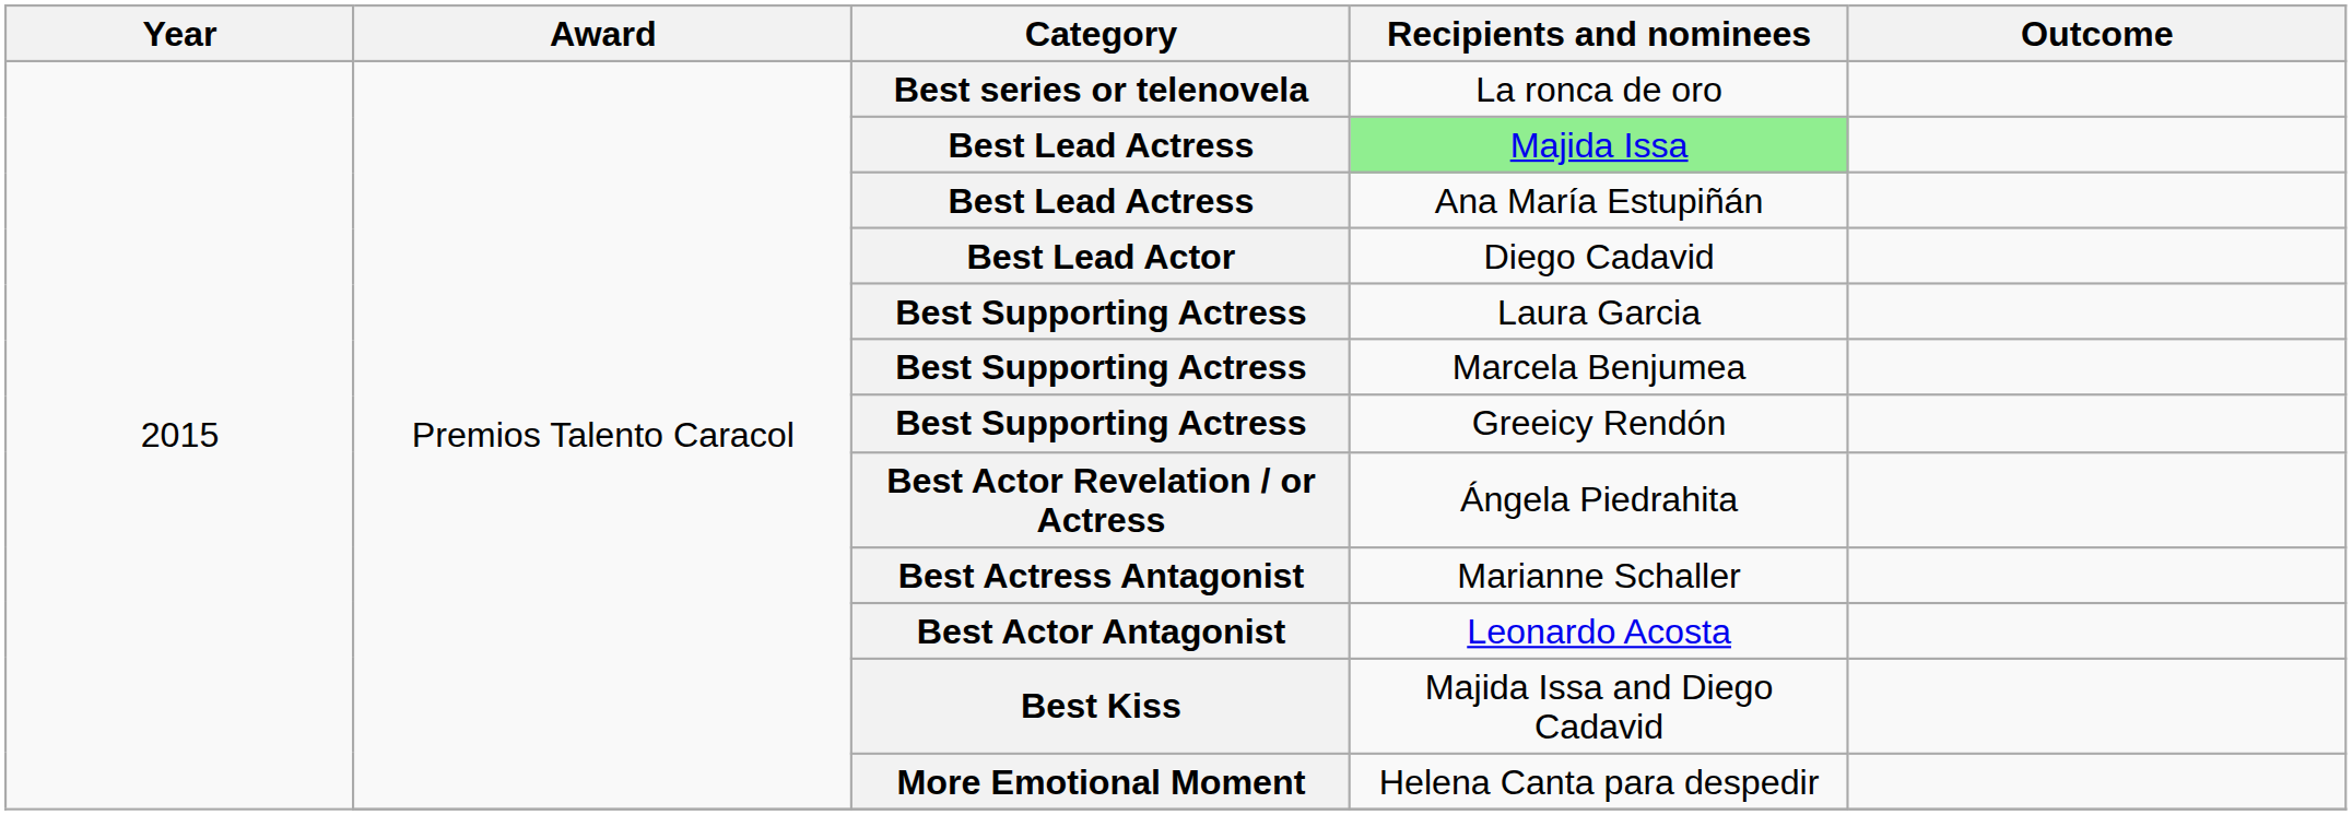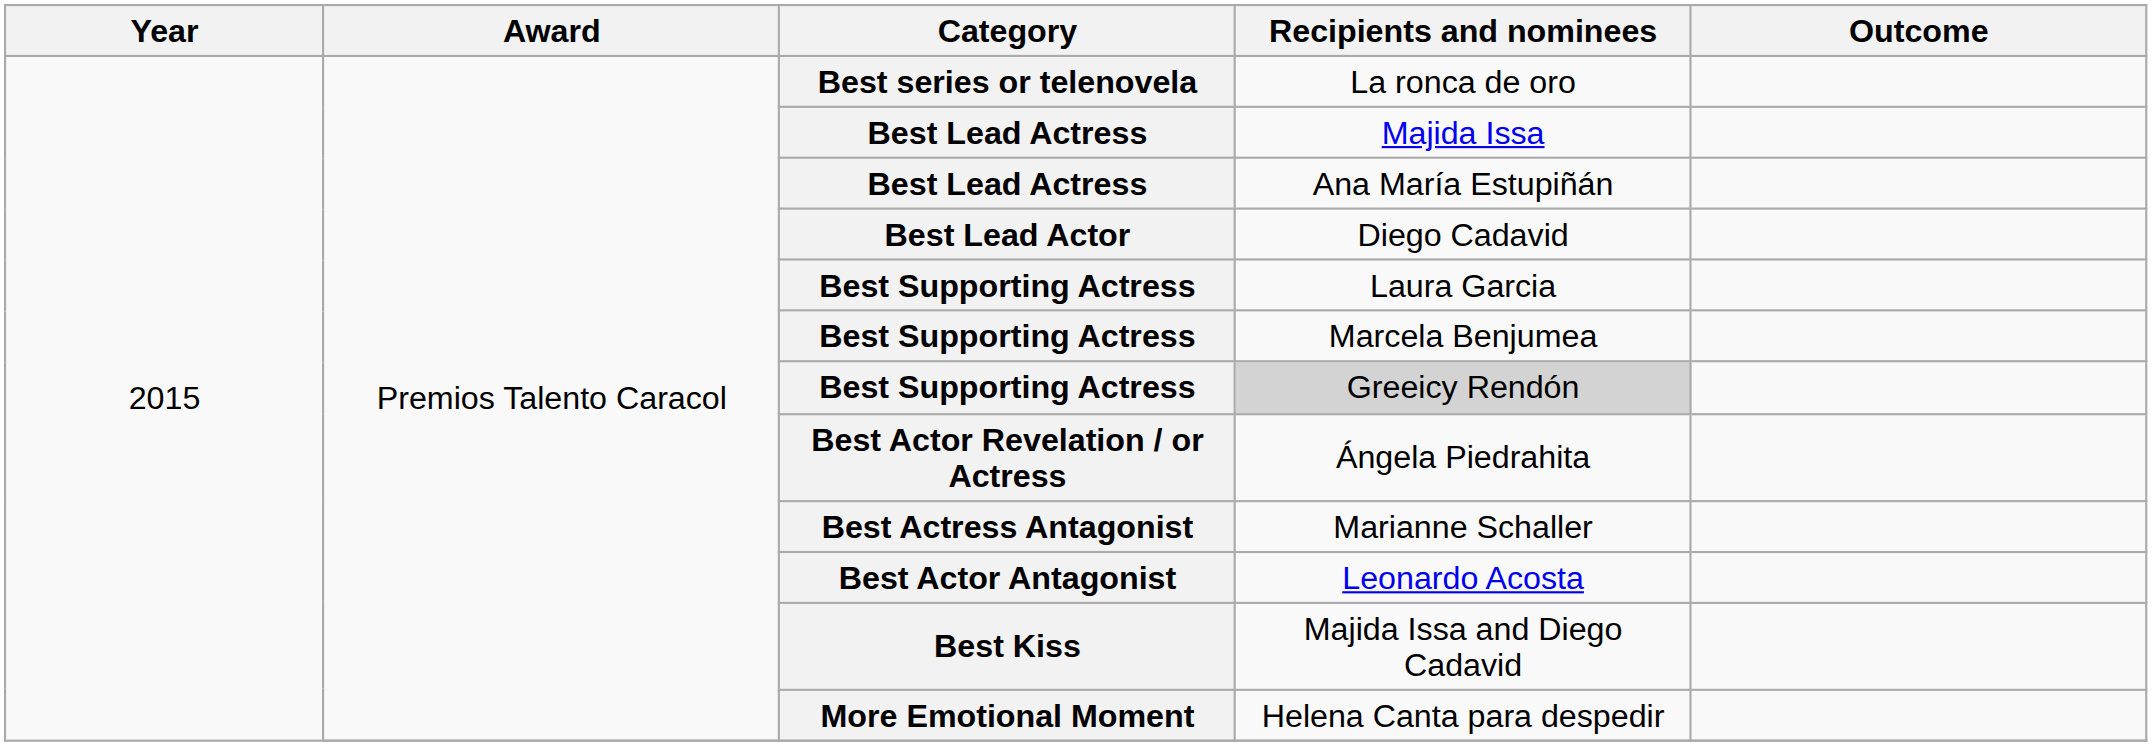 <table class="wikitable plainrowheaders" style=" text-align:center; font-size:95%;" width="80%">
 <tr>
 <th scope="col" width=14%>Year</th>
 <th scope="col" width=20%>Award</th>
 <th scope="col" width=20%>Category</th>
 <th scope="col" width=20%>Recipients and nominees</th>
 <th scope="col" width=20%>Outcome</th>
 </tr>
 <tr>
 <td rowspan="20">2015</td>
 <td rowspan="12">Premios Talento Caracol</td>
 <th scope="row" style="text-align:center">Best series or telenovela</th>
 <td>La ronca de oro</td>
 <td></td>
 </tr>
 <tr>
 <th scope="row" style="text-align:center">Best Lead Actress</th>
-<td style="background: lightgreen;"><a href='#'>Majida Issa</a></td>
+<td><a href='#'>Majida Issa</a></td>
 <td></td>
 </tr>
 <tr>
 <th scope="row" style="text-align:center">Best Lead Actress</th>
 <td>Ana María Estupiñán</td>
 <td></td>
 </tr>
 <tr>
 <th scope="row" style="text-align:center">Best Lead Actor</th>
 <td>Diego Cadavid</td>
 <td></td>
 </tr>
 <tr>
 <th scope="row" style="text-align:center">Best Supporting Actress</th>
 <td>Laura Garcia</td>
 <td></td>
 </tr>
 <tr>
 <th scope="row" style="text-align:center">Best Supporting Actress</th>
 <td>Marcela Benjumea</td>
 <td></td>
 </tr>
 <tr>
 <th scope="row" style="text-align:center">Best Supporting Actress</th>
-<td>Greeicy Rendón</td>
+<td style="background: lightgrey;">Greeicy Rendón</td>
 <td></td>
 </tr>
 <tr>
 <th scope="row" style="text-align:center">Best Actor Revelation / or Actress</th>
 <td>Ángela Piedrahita</td>
 <td></td>
 </tr>
 <tr>
 <th scope="row" style="text-align:center">Best Actress Antagonist</th>
 <td>Marianne Schaller</td>
 <td></td>
 </tr>
 <tr>
 <th scope="row" style="text-align:center">Best Actor Antagonist</th>
 <td><a href='#'>Leonardo Acosta</a></td>
 <td></td>
 </tr>
 <tr>
 <th scope="row" style="text-align:center">Best Kiss</th>
 <td>Majida Issa and Diego Cadavid</td>
 <td></td>
 </tr>
 <tr>
 <th scope="row" style="text-align:center">More Emotional Moment</th>
 <td>Helena Canta para despedir</td>
 <td></td>
 </tr>
 <tr>
 </tr>
 </table>
